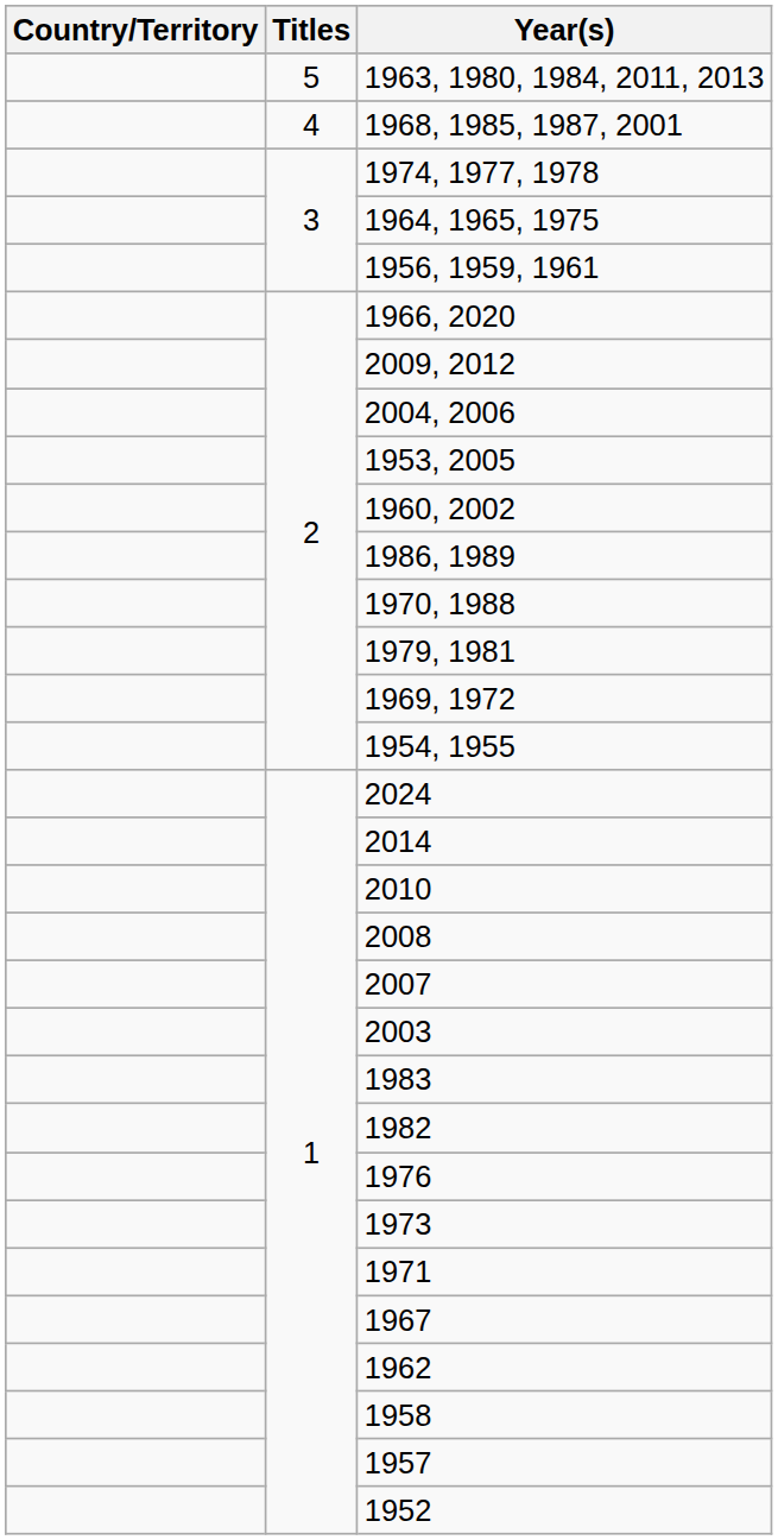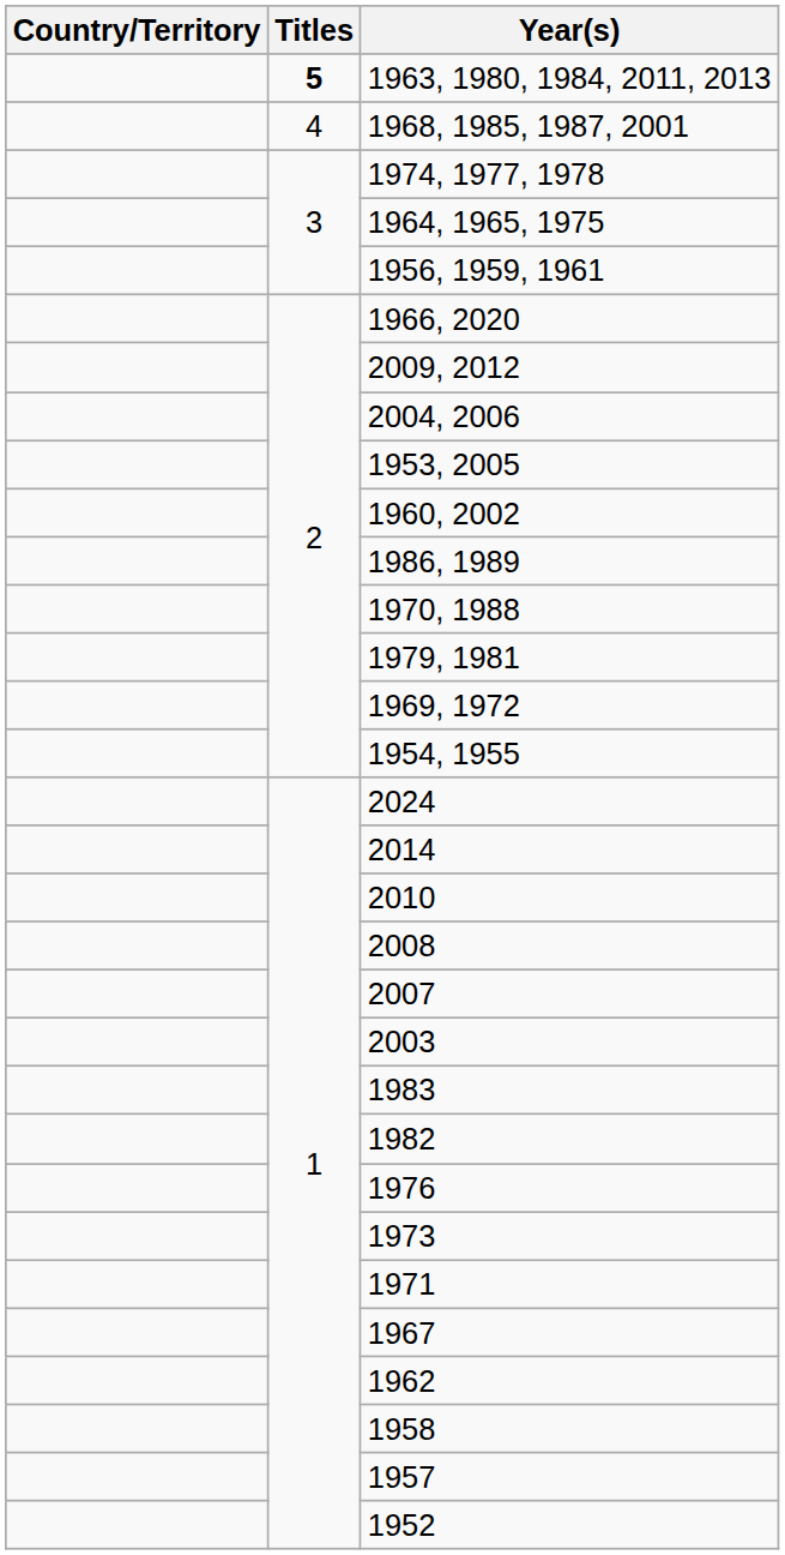 <table class="wikitable sortable" style="font-size: 95%;">
 <tr>
 <th>Country/Territory</th>
 <th>Titles</th>
 <th>Year(s)</th>
 </tr>
 <tr>
 <td><strong></strong></td>
-<td style="text-align:center;">5</td>
+<td style="text-align:center;"><strong>5</strong></td>
 <td>1963, 1980, 1984, 2011, 2013</td>
 </tr>
 <tr>
 <td><strong></strong></td>
 <td style="text-align:center;">4</td>
 <td>1968, 1985, 1987, 2001</td>
 </tr>
 <tr>
 <td><strong></strong></td>
 <td rowspan="3" style="text-align:center;">3</td>
 <td>1974, 1977, 1978</td>
 </tr>
 <tr>
 <td><strong></strong></td>
 <td>1964, 1965, 1975</td>
 </tr>
 <tr>
 <td><strong></strong></td>
 <td>1956, 1959, 1961</td>
 </tr>
 <tr>
 <td><strong></strong></td>
 <td rowspan="10" style="text-align:center;">2</td>
 <td>1966, 2020</td>
 </tr>
 <tr>
 <td><strong></strong></td>
 <td>2009, 2012</td>
 </tr>
 <tr>
 <td><strong></strong></td>
 <td>2004, 2006</td>
 </tr>
 <tr>
 <td><strong></strong></td>
 <td>1953, 2005</td>
 </tr>
 <tr>
 <td><strong></strong></td>
 <td>1960, 2002</td>
 </tr>
 <tr>
 <td><strong></strong></td>
 <td>1986, 1989</td>
 </tr>
 <tr>
 <td><strong></strong></td>
 <td>1970, 1988</td>
 </tr>
 <tr>
 <td><strong></strong></td>
 <td>1979, 1981</td>
 </tr>
 <tr>
 <td><strong></strong></td>
 <td>1969, 1972</td>
 </tr>
 <tr>
 <td><strong></strong></td>
 <td>1954, 1955</td>
 </tr>
 <tr>
 <td><strong></strong></td>
 <td rowspan="16" style="text-align:center;">1</td>
 <td>2024</td>
 </tr>
 <tr>
 <td><strong></strong></td>
 <td>2014</td>
 </tr>
 <tr>
 <td><strong></strong></td>
 <td>2010</td>
 </tr>
 <tr>
 <td><strong></strong></td>
 <td>2008</td>
 </tr>
 <tr>
 <td><strong></strong></td>
 <td>2007</td>
 </tr>
 <tr>
 <td><strong></strong></td>
 <td>2003</td>
 </tr>
 <tr>
 <td><strong></strong></td>
 <td>1983</td>
 </tr>
 <tr>
 <td><strong></strong></td>
 <td>1982</td>
 </tr>
 <tr>
 <td><strong></strong></td>
 <td>1976</td>
 </tr>
 <tr>
 <td><strong></strong></td>
 <td>1973</td>
 </tr>
 <tr>
 <td><strong></strong></td>
 <td>1971</td>
 </tr>
 <tr>
 <td><strong></strong></td>
 <td>1967</td>
 </tr>
 <tr>
 <td><strong></strong></td>
 <td>1962</td>
 </tr>
 <tr>
 <td><strong></strong></td>
 <td>1958</td>
 </tr>
 <tr>
 <td><strong></strong></td>
 <td>1957</td>
 </tr>
 <tr>
 <td><strong></strong></td>
 <td>1952</td>
 </tr>
 </table>
